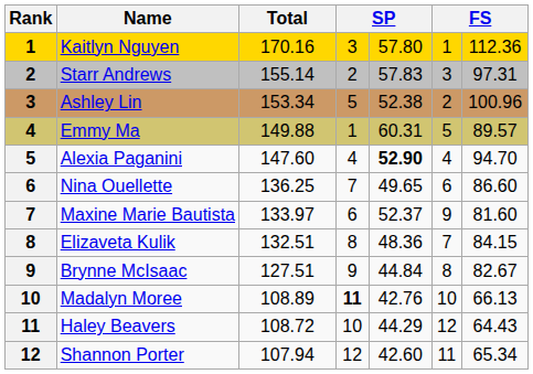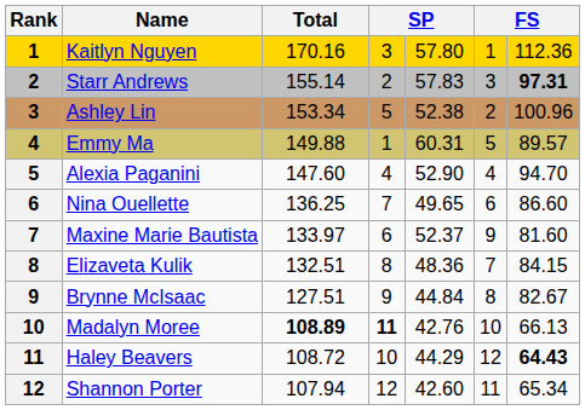 <table class="wikitable sortable">
 <tr>
 <th>Rank</th>
 <th>Name</th>
 <th width="80px">Total</th>
 <th colspan="2" width="80px"><a href='#'>SP</a></th>
 <th colspan="2" width="80px"><a href='#'>FS</a></th>
 </tr>
 <tr bgcolor="gold">
 <td align="center"><strong>1</strong></td>
 <td><a href='#'>Kaitlyn Nguyen</a></td>
 <td align="center">170.16</td>
 <td align="center">3</td>
 <td align="center">57.80</td>
 <td align="center">1</td>
 <td align="center">112.36</td>
 </tr>
 <tr bgcolor="silver">
 <td align="center"><strong>2</strong></td>
 <td><a href='#'>Starr Andrews</a></td>
 <td align="center">155.14</td>
 <td align="center">2</td>
 <td align="center">57.83</td>
 <td align="center">3</td>
-<td align="center">97.31</td>
+<td align="center"><strong>97.31</strong></td>
 </tr>
 <tr bgcolor="cc9966">
 <td align="center"><strong>3</strong></td>
 <td><a href='#'>Ashley Lin</a></td>
 <td align="center">153.34</td>
 <td align="center">5</td>
 <td align="center">52.38</td>
 <td align="center">2</td>
 <td align="center">100.96</td>
 </tr>
 <tr bgcolor="#d1c571">
 <td align="center"><strong>4</strong></td>
 <td><a href='#'>Emmy Ma</a></td>
 <td align="center">149.88</td>
 <td align="center">1</td>
 <td align="center">60.31</td>
 <td align="center">5</td>
 <td align="center">89.57</td>
 </tr>
 <tr>
 <th>5</th>
 <td><a href='#'>Alexia Paganini</a></td>
 <td align="center">147.60</td>
 <td align="center">4</td>
-<td align="center"><strong>52.90</strong></td>
+<td align="center">52.90</td>
 <td align="center">4</td>
 <td align="center">94.70</td>
 </tr>
 <tr>
 <th>6</th>
 <td><a href='#'>Nina Ouellette</a></td>
 <td align="center">136.25</td>
 <td align="center">7</td>
 <td align="center">49.65</td>
 <td align="center">6</td>
 <td align="center">86.60</td>
 </tr>
 <tr>
 <th>7</th>
 <td><a href='#'>Maxine Marie Bautista</a></td>
 <td align="center">133.97</td>
 <td align="center">6</td>
 <td align="center">52.37</td>
 <td align="center">9</td>
 <td align="center">81.60</td>
 </tr>
 <tr>
 <th>8</th>
 <td><a href='#'>Elizaveta Kulik</a></td>
 <td align="center">132.51</td>
 <td align="center">8</td>
 <td align="center">48.36</td>
 <td align="center">7</td>
 <td align="center">84.15</td>
 </tr>
 <tr>
 <th>9</th>
 <td><a href='#'>Brynne McIsaac</a></td>
 <td align="center">127.51</td>
 <td align="center">9</td>
 <td align="center">44.84</td>
 <td align="center">8</td>
 <td align="center">82.67</td>
 </tr>
 <tr>
 <th>10</th>
 <td><a href='#'>Madalyn Moree</a></td>
-<td align="center">108.89</td>
+<td align="center"><strong>108.89</strong></td>
 <td align="center"><strong>11</strong></td>
 <td align="center">42.76</td>
 <td align="center">10</td>
 <td align="center">66.13</td>
 </tr>
 <tr>
 <th>11</th>
 <td><a href='#'>Haley Beavers</a></td>
 <td align="center">108.72</td>
 <td align="center">10</td>
 <td align="center">44.29</td>
 <td align="center">12</td>
-<td align="center">64.43</td>
+<td align="center"><strong>64.43</strong></td>
 </tr>
 <tr>
 <th>12</th>
 <td><a href='#'>Shannon Porter</a></td>
 <td align="center">107.94</td>
 <td align="center">12</td>
 <td align="center">42.60</td>
 <td align="center">11</td>
 <td align="center">65.34</td>
 </tr>
 </table>
